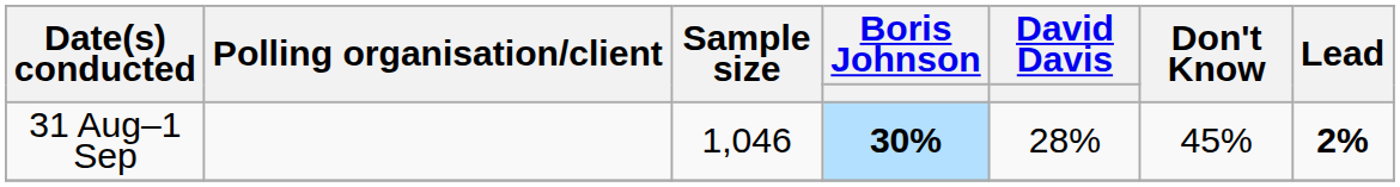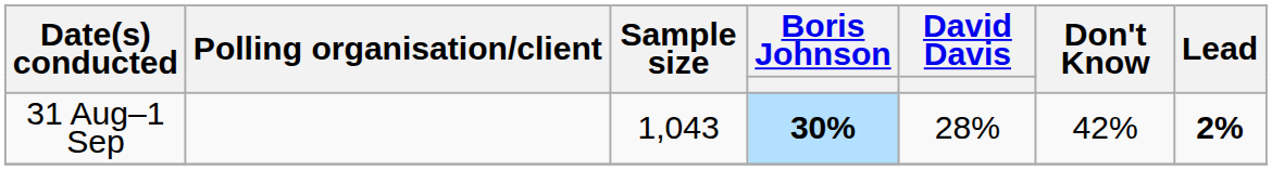 <table class="wikitable collapsible sortable" style="text-align:center;font-size:100%;line-height:14px">
 <tr valign= center>
 <th style="width:80px;" rowspan="2">Date(s)<br>conducted</th>
 <th style="width:200px;" rowspan="2">Polling organisation/client</th>
 <th style="width:60px;" rowspan="2">Sample size</th>
 <th style="width:60px;" class="unsortable"><a href='#'>Boris <br> Johnson</a></th>
 <th style="width:60px;" class="unsortable"><a href='#'>David <br> Davis</a></th>
 <th style="width:60px;" rowspan="2" class="unsortable">Don't <br> Know</th>
 <th class="unsortable" style="width:20px;" rowspan="2">Lead</th>
 </tr>
 <tr>
 <th class="unsortable" style="color:inherit;background:"></th>
 <th class="unsortable" style="color:inherit;background:"></th>
 </tr>
 <tr>
 <td rowspan=1>31 Aug–1 Sep</td>
 <td rowspan=1></td>
-<td rowspan=1>1,046</td>
+<td rowspan=1>1,043</td>
 <td style="background:#B3E0FF"><strong>30%</strong></td>
 <td>28%</td>
-<td>45%</td>
+<td>42%</td>
 <td style="background:"><strong>2%</strong></td>
 </tr>
 <tr>
 </tr>
 </table>
